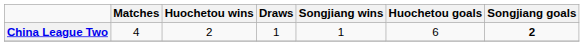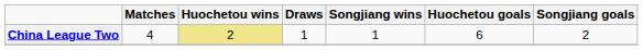 <table class="wikitable" style="text-align: center;">
 <tr>
 <td></td>
 <th>Matches</th>
 <th>Huochetou wins</th>
 <th>Draws</th>
 <th>Songjiang wins</th>
 <th>Huochetou goals</th>
 <th>Songjiang goals</th>
 </tr>
 <tr>
 <th><a href='#'>China League Two</a></th>
 <td>4</td>
-<td>2</td>
+<td style="background: khaki;">2</td>
 <td>1</td>
 <td>1</td>
 <td>6</td>
-<td><strong>2</strong></td>
+<td>2</td>
 </tr>
 <tr>
 </tr>
 </table>
